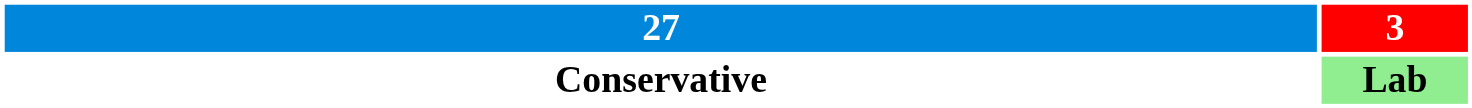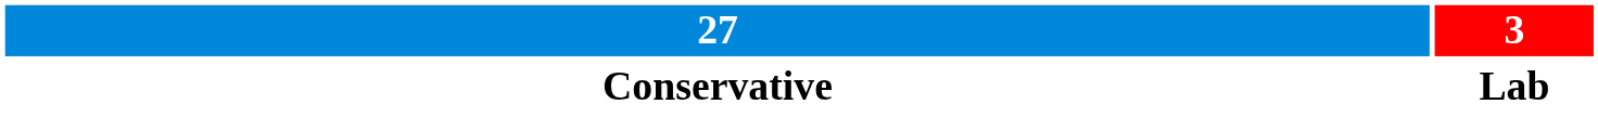 <table style="width:100%; text-align:center;">
 <tr style="color:white;">
 <td style="background:#0087DC; width:90.00%;"><strong>27</strong></td>
 <td style="background:red; width:10.00%;"><strong>3</strong></td>
 </tr>
 <tr>
 <td><span><strong>Conservative</strong></span></td>
-<td style="background: lightgreen;"><span><strong>Lab</strong></span></td>
+<td><span><strong>Lab</strong></span></td>
 </tr>
 </table>
